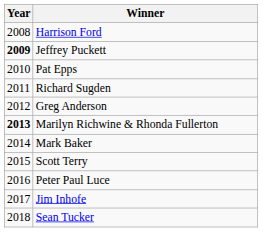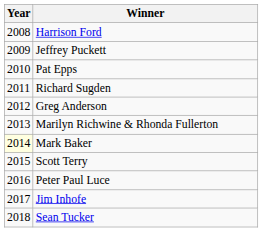 <table class="wikitable" style="text-align:left">
 <tr>
 <th style="width:20px;">Year</th>
 <th style="width:300px;">Winner</th>
 </tr>
 <tr>
 <td>2008</td>
 <td><a href='#'>Harrison Ford</a></td>
 </tr>
 <tr>
-<td><strong>2009</strong></td>
+<td>2009</td>
 <td>Jeffrey Puckett</td>
 </tr>
 <tr>
 <td>2010</td>
 <td>Pat Epps</td>
 </tr>
 <tr>
 <td>2011</td>
 <td>Richard Sugden</td>
 </tr>
 <tr>
 <td>2012</td>
 <td>Greg Anderson</td>
 </tr>
 <tr>
-<td><strong>2013</strong></td>
+<td>2013</td>
 <td>Marilyn Richwine & Rhonda Fullerton</td>
 </tr>
 <tr>
-<td>2014</td>
+<td style="background: lightyellow;">2014</td>
 <td>Mark Baker</td>
 </tr>
 <tr>
 <td>2015</td>
 <td>Scott Terry</td>
 </tr>
 <tr>
 <td>2016</td>
 <td>Peter Paul Luce</td>
 </tr>
 <tr>
 <td>2017</td>
 <td><a href='#'>Jim Inhofe</a></td>
 </tr>
 <tr>
 <td>2018</td>
 <td><a href='#'>Sean Tucker</a></td>
 </tr>
 </table>
